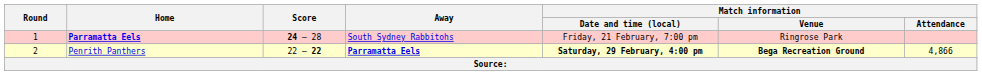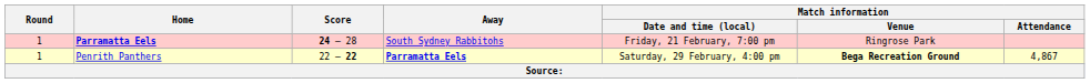 <table class="wikitable" style="font-size:80%; text-align:center; width:100%;">
 <tr>
 <th rowspan="2" style="width:6%;">Round</th>
 <th rowspan="2" style="width:19%;">Home</th>
 <th rowspan="2" style="width:8%;">Score</th>
 <th rowspan="2" style="width:19%;">Away</th>
 <th colspan=6>Match information</th>
 </tr>
 <tr style="background:#ccc;">
 <th width=17%>Date and time (local)</th>
 <th width=18%>Venue</th>
 <th width=7%>Attendance</th>
 </tr>
 <tr style="background:#fcc">
 <td>1</td>
 <td style="text-align:left;"><strong> <a href='#'>Parramatta Eels</a></strong></td>
 <td><strong>24</strong> – 28</td>
 <td style="text-align:left;"> <a href='#'>South Sydney Rabbitohs</a></td>
 <td>Friday, 21 February, 7:00 pm</td>
 <td>Ringrose Park</td>
 <td></td>
 </tr>
 <tr style="background:#ffc;">
-<td>2</td>
+<td>1</td>
 <td style="text-align:left;"> <a href='#'>Penrith Panthers</a></td>
 <td>22 – <strong>22</strong></td>
 <td style="text-align:left;"><strong> <a href='#'>Parramatta Eels</a></strong></td>
-<td><strong>Saturday, 29 February, 4:00 pm</strong></td>
+<td>Saturday, 29 February, 4:00 pm</td>
 <td><strong>Bega Recreation Ground</strong></td>
-<td>4,866</td>
+<td>4,867</td>
 </tr>
 <tr style="background:#c1d8ff;">
 <th colspan=12>Source:</th>
 </tr>
 </table>
